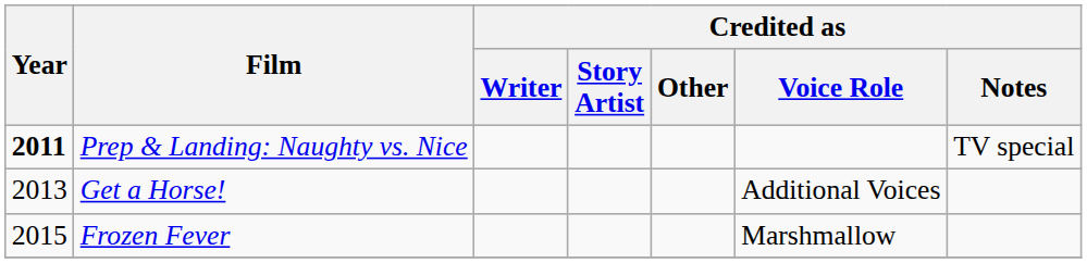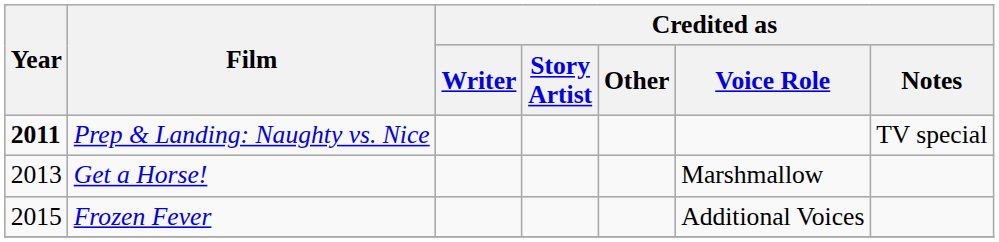 <table class="wikitable">
 <tr>
 <th rowspan="2">Year</th>
 <th rowspan="2">Film</th>
 <th colspan="5">Credited as</th>
 </tr>
 <tr>
 <th><a href='#'>Writer</a></th>
 <th><a href='#'>Story<br>Artist</a></th>
 <th>Other</th>
 <th><a href='#'>Voice Role</a></th>
 <th>Notes</th>
 </tr>
 <tr>
 <td><strong>2011</strong></td>
 <td><em><a href='#'>Prep & Landing: Naughty vs. Nice</a></em></td>
 <td></td>
 <td></td>
 <td></td>
 <td></td>
 <td>TV special</td>
 </tr>
 <tr>
 <td>2013</td>
 <td><em><a href='#'>Get a Horse!</a></em></td>
 <td></td>
 <td></td>
 <td></td>
-<td>Additional Voices</td>
+<td>Marshmallow</td>
 <td></td>
 </tr>
 <tr>
 <td>2015</td>
 <td><em><a href='#'>Frozen Fever</a></em></td>
 <td></td>
 <td></td>
 <td></td>
-<td>Marshmallow</td>
+<td>Additional Voices</td>
 <td></td>
 </tr>
 <tr>
 </tr>
 </table>
